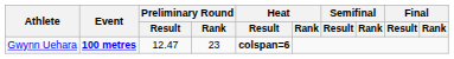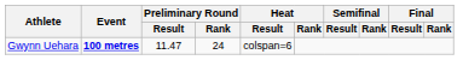 <table class=wikitable style=font-size:90%>
 <tr>
 <th rowspan=2>Athlete</th>
 <th rowspan=2>Event</th>
 <th colspan=2>Preliminary Round</th>
 <th colspan=2>Heat</th>
 <th colspan=2>Semifinal</th>
 <th colspan=2>Final</th>
 </tr>
 <tr style=font-size:95%>
 <th>Result</th>
 <th>Rank</th>
 <th>Result</th>
 <th>Rank</th>
 <th>Result</th>
 <th>Rank</th>
 <th>Result</th>
 <th>Rank</th>
 </tr>
 <tr align=center>
 <td align=left><a href='#'>Gwynn Uehara</a></td>
 <td align=left><strong><a href='#'>100 metres</a></strong></td>
-<td>12.47 </td>
-<td>23</td>
-<td><strong>colspan=6 </strong></td>
+<td>11.47 </td>
+<td>24</td>
+<td>colspan=6 </td>
 </tr>
 </table>
